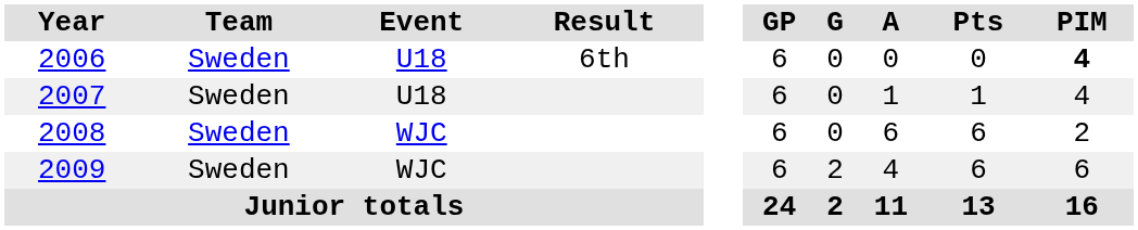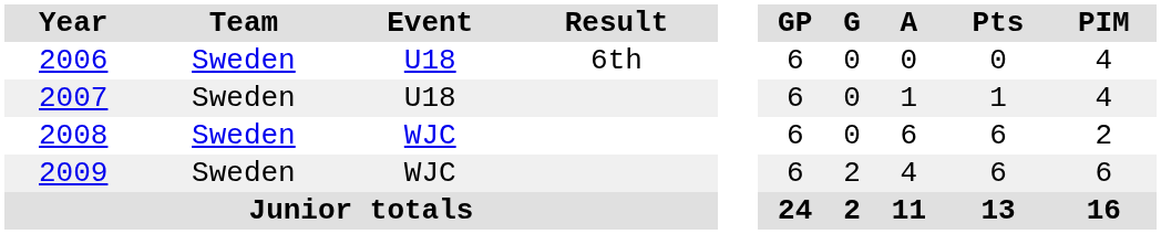 <table border="0" cellpadding="1" cellspacing="0" style="text-align:center; width:40em">
 <tr align="center" bgcolor="#e0e0e0">
 <th>Year</th>
 <th>Team</th>
 <th>Event</th>
 <th>Result</th>
 <th rowspan="99" bgcolor="#ffffff"> </th>
 <th>GP</th>
 <th>G</th>
 <th>A</th>
 <th>Pts</th>
 <th>PIM</th>
 </tr>
 <tr>
 <td><a href='#'>2006</a></td>
 <td><a href='#'>Sweden</a></td>
 <td><a href='#'>U18</a></td>
 <td>6th</td>
 <td>6</td>
 <td>0</td>
 <td>0</td>
 <td>0</td>
-<td><strong>4</strong></td>
+<td>4</td>
 </tr>
 <tr bgcolor="#f0f0f0">
 <td><a href='#'>2007</a></td>
 <td>Sweden</td>
 <td>U18</td>
 <td></td>
 <td>6</td>
 <td>0</td>
 <td>1</td>
 <td>1</td>
 <td>4</td>
 </tr>
 <tr>
 <td><a href='#'>2008</a></td>
 <td><a href='#'>Sweden</a></td>
 <td><a href='#'>WJC</a></td>
 <td></td>
 <td>6</td>
 <td>0</td>
 <td>6</td>
 <td>6</td>
 <td>2</td>
 </tr>
 <tr bgcolor="#f0f0f0">
 <td><a href='#'>2009</a></td>
 <td>Sweden</td>
 <td>WJC</td>
 <td></td>
 <td>6</td>
 <td>2</td>
 <td>4</td>
 <td>6</td>
 <td>6</td>
 </tr>
 <tr bgcolor="#e0e0e0">
 <th colspan="4">Junior totals</th>
 <th>24</th>
 <th>2</th>
 <th>11</th>
 <th>13</th>
 <th>16</th>
 </tr>
 </table>
